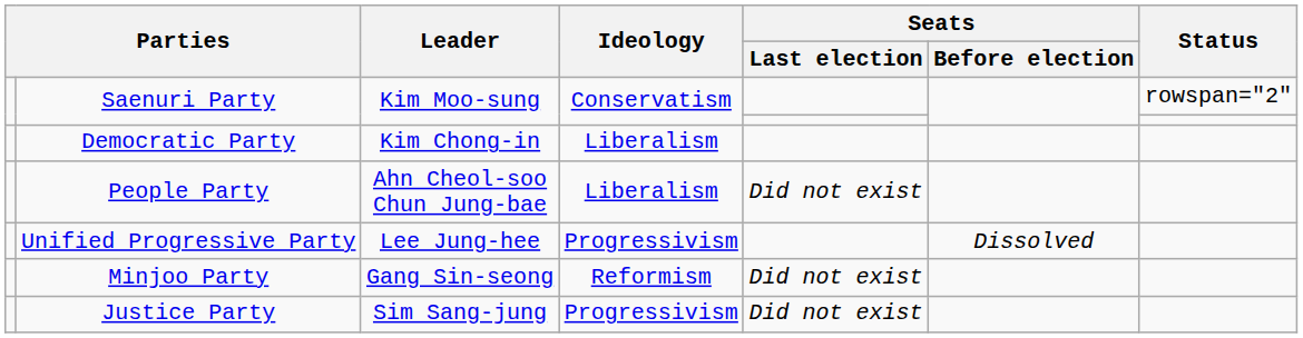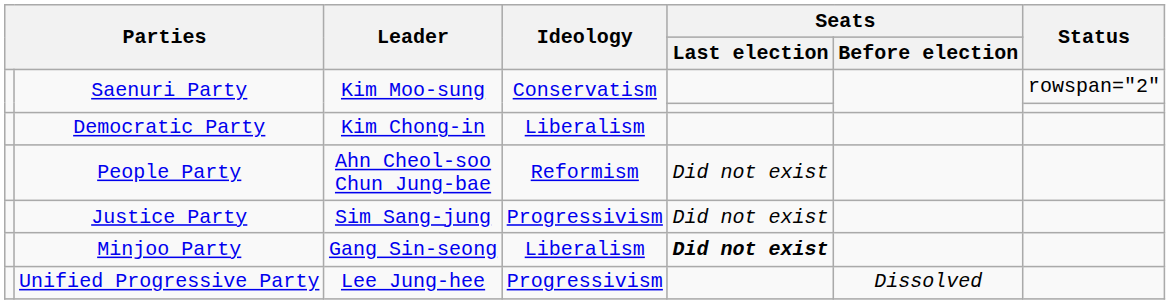 <table class="wikitable" style="text-align:center">
 <tr>
 <th colspan="2" rowspan="2">Parties</th>
 <th rowspan="2">Leader</th>
 <th rowspan="2">Ideology</th>
 <th colspan="2">Seats</th>
 <th rowspan="2">Status</th>
 </tr>
 <tr>
 <th>Last election</th>
 <th>Before election</th>
 </tr>
 <tr>
 <td rowspan="2" style="background:"></td>
 <td rowspan="2"><a href='#'>Saenuri Party</a></td>
 <td rowspan="2"><a href='#'>Kim Moo-sung</a></td>
 <td rowspan="2"><a href='#'>Conservatism</a></td>
 <td></td>
 <td rowspan="2"></td>
 <td>rowspan="2" </td>
 </tr>
 <tr>
 <td></td>
 </tr>
 <tr>
 <td style="background:"></td>
 <td><a href='#'>Democratic Party</a></td>
 <td><a href='#'>Kim Chong-in</a></td>
 <td><a href='#'>Liberalism</a></td>
 <td></td>
 <td></td>
 <td></td>
 </tr>
 <tr>
 <td style="background:"></td>
 <td><a href='#'>People Party</a></td>
 <td><a href='#'>Ahn Cheol-soo</a><br><a href='#'>Chun Jung-bae</a></td>
-<td><a href='#'>Liberalism</a></td>
-<td><em>Did not exist</em></td>
-<td></td>
-<td></td>
-</tr>
-<tr>
-<td style="background:"></td>
-<td><a href='#'>Unified Progressive Party</a></td>
-<td><a href='#'>Lee Jung-hee</a></td>
-<td><a href='#'>Progressivism</a></td>
-<td></td>
-<td><em>Dissolved</em></td>
-<td></td>
-</tr>
-<tr>
-<td style="background:"></td>
-<td><a href='#'>Minjoo Party</a></td>
-<td><a href='#'>Gang Sin-seong</a></td>
 <td><a href='#'>Reformism</a></td>
 <td><em>Did not exist</em></td>
 <td></td>
 <td></td>
 </tr>
 <tr>
 <td style="background:"></td>
 <td><a href='#'>Justice Party</a></td>
 <td><a href='#'>Sim Sang-jung</a></td>
 <td><a href='#'>Progressivism</a></td>
 <td><em>Did not exist</em></td>
 <td></td>
 <td></td>
 </tr>
+<tr>
+<td style="background:"></td>
+<td><a href='#'>Minjoo Party</a></td>
+<td><a href='#'>Gang Sin-seong</a></td>
+<td><a href='#'>Liberalism</a></td>
+<td><strong><em>Did not exist</em></strong></td>
+<td></td>
+<td></td>
+</tr>
+<tr>
+<td style="background:"></td>
+<td><a href='#'>Unified Progressive Party</a></td>
+<td><a href='#'>Lee Jung-hee</a></td>
+<td><a href='#'>Progressivism</a></td>
+<td></td>
+<td><em>Dissolved</em></td>
+<td></td>
+</tr>
 </table>
